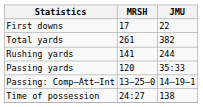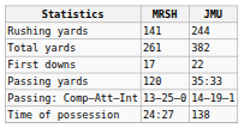 <table class="wikitable" style="float: left;">
 <tr>
 <th>Statistics</th>
 <th>MRSH</th>
 <th>JMU</th>
 </tr>
 <tr>
-<td>First downs</td>
-<td>17</td>
-<td>22</td>
+<td>Rushing yards</td>
+<td>141</td>
+<td>244</td>
 </tr>
 <tr>
 <td>Total yards</td>
 <td>261</td>
 <td>382</td>
 </tr>
 <tr>
-<td>Rushing yards</td>
-<td>141</td>
-<td>244</td>
+<td>First downs</td>
+<td>17</td>
+<td>22</td>
 </tr>
 <tr>
 <td>Passing yards</td>
 <td>120</td>
 <td>35:33</td>
 </tr>
 <tr>
 <td>Passing: Comp–Att–Int</td>
 <td>13–25–0</td>
 <td>14–19–1</td>
 </tr>
 <tr>
 <td>Time of possession</td>
 <td>24:27</td>
 <td>138</td>
 </tr>
 <tr>
 </tr>
 </table>
